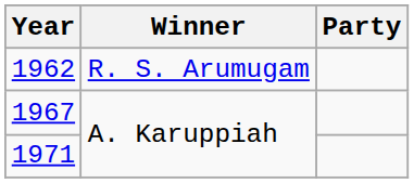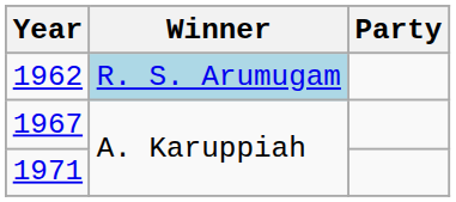 <table class="wikitable sortable">
 <tr>
 <th>Year</th>
 <th>Winner</th>
 <th colspan="2">Party</th>
 </tr>
 <tr>
 <td><a href='#'>1962</a></td>
-<td><a href='#'>R. S. Arumugam</a></td>
+<td style="background: lightblue;"><a href='#'>R. S. Arumugam</a></td>
 <td></td>
 </tr>
 <tr>
 <td><a href='#'>1967</a></td>
 <td rowspan=2>A. Karuppiah</td>
 <td></td>
 </tr>
 <tr>
 <td><a href='#'>1971</a></td>
 </tr>
 </table>
